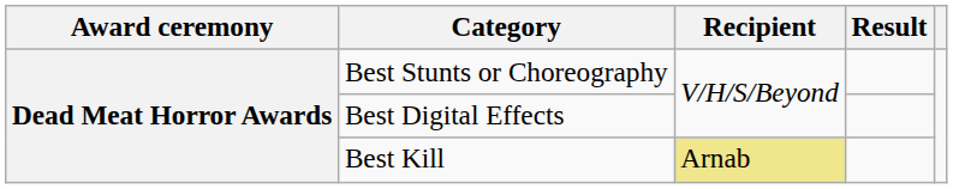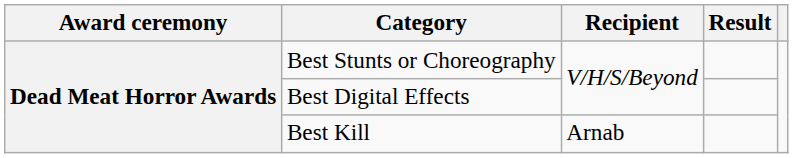 <table class="wikitable plainrowheaders sortable">
 <tr>
 <th scope="col">Award ceremony</th>
 <th scope="col">Category</th>
 <th scope="col">Recipient</th>
 <th scope="col">Result</th>
 <th scope="col" class="unsortable"></th>
 </tr>
 <tr>
 <th rowspan="3" scope="row">Dead Meat Horror Awards</th>
 <td>Best Stunts or Choreography</td>
 <td rowspan="2"><em>V/H/S/Beyond</em></td>
 <td></td>
 <td rowspan="3"></td>
 </tr>
 <tr>
 <td>Best Digital Effects</td>
 <td></td>
 </tr>
 <tr>
 <td>Best Kill</td>
-<td style="background: khaki;">Arnab</td>
+<td>Arnab</td>
 <td></td>
 </tr>
 </table>
